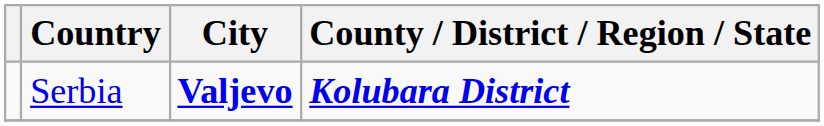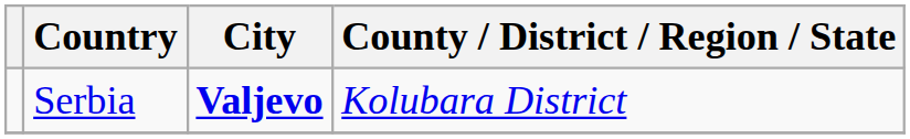 <table class="wikitable">
 <tr>
 <th></th>
 <th>Country</th>
 <th>City</th>
 <th>County / District / Region / State</th>
 </tr>
 <tr>
 <td></td>
 <td><a href='#'>Serbia</a></td>
 <td><strong><a href='#'>Valjevo</a></strong></td>
-<td><strong><em><a href='#'>Kolubara District</a></em></strong></td>
+<td><em><a href='#'>Kolubara District</a></em></td>
 </tr>
 <tr>
 </tr>
 </table>
